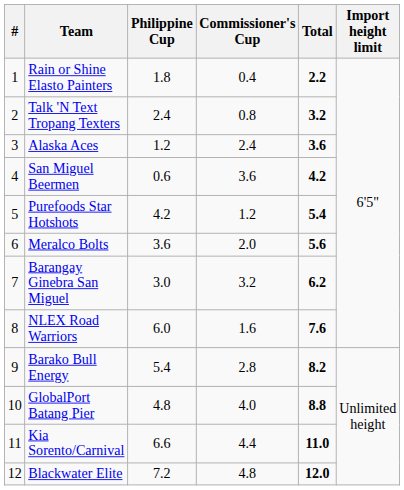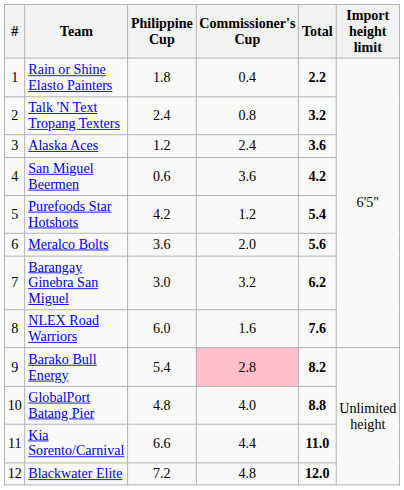 <table class=wikitable width=50% style="text-align:center;">
 <tr>
 <th>#</th>
 <th width=45%>Team</th>
 <th width=15%>Philippine Cup</th>
 <th width=15%>Commissioner's Cup</th>
 <th width=15%>Total</th>
 <th width=20%>Import height limit</th>
 </tr>
 <tr>
 <td>1</td>
 <td align=left><a href='#'>Rain or Shine Elasto Painters</a></td>
 <td>1.8</td>
 <td>0.4</td>
 <td><strong>2.2</strong></td>
 <td rowspan=8>6'5"</td>
 </tr>
 <tr>
 <td>2</td>
 <td align=left><a href='#'>Talk 'N Text Tropang Texters</a></td>
 <td>2.4</td>
 <td>0.8</td>
 <td><strong>3.2</strong></td>
 </tr>
 <tr>
 <td>3</td>
 <td align=left><a href='#'>Alaska Aces</a></td>
 <td>1.2</td>
 <td>2.4</td>
 <td><strong>3.6</strong></td>
 </tr>
 <tr>
 <td>4</td>
 <td align=left><a href='#'>San Miguel Beermen</a></td>
 <td>0.6</td>
 <td>3.6</td>
 <td><strong>4.2</strong></td>
 </tr>
 <tr>
 <td>5</td>
 <td align=left><a href='#'>Purefoods Star Hotshots</a></td>
 <td>4.2</td>
 <td>1.2</td>
 <td><strong>5.4</strong></td>
 </tr>
 <tr>
 <td>6</td>
 <td align=left><a href='#'>Meralco Bolts</a></td>
 <td>3.6</td>
 <td>2.0</td>
 <td><strong>5.6</strong></td>
 </tr>
 <tr>
 <td>7</td>
 <td align=left><a href='#'>Barangay Ginebra San Miguel</a></td>
 <td>3.0</td>
 <td>3.2</td>
 <td><strong>6.2</strong></td>
 </tr>
 <tr>
 <td>8</td>
 <td align=left><a href='#'>NLEX Road Warriors</a></td>
 <td>6.0</td>
 <td>1.6</td>
 <td><strong>7.6</strong></td>
 </tr>
 <tr>
 <td>9</td>
 <td align=left><a href='#'>Barako Bull Energy</a></td>
 <td>5.4</td>
-<td>2.8</td>
+<td style="background: pink;">2.8</td>
 <td><strong>8.2</strong></td>
 <td rowspan=4>Unlimited height</td>
 </tr>
 <tr>
 <td>10</td>
 <td align=left><a href='#'>GlobalPort Batang Pier</a></td>
 <td>4.8</td>
 <td>4.0</td>
 <td><strong>8.8</strong></td>
 </tr>
 <tr>
 <td>11</td>
 <td align=left><a href='#'>Kia Sorento/Carnival</a></td>
 <td>6.6</td>
 <td>4.4</td>
 <td><strong>11.0</strong></td>
 </tr>
 <tr>
 <td>12</td>
 <td align=left><a href='#'>Blackwater Elite</a></td>
 <td>7.2</td>
 <td>4.8</td>
 <td><strong>12.0</strong></td>
 </tr>
 </table>
